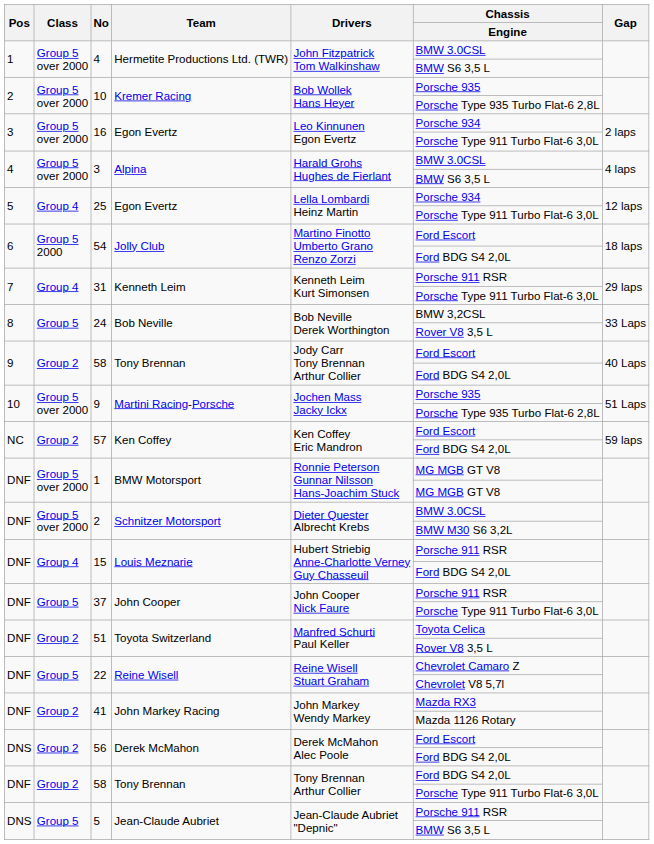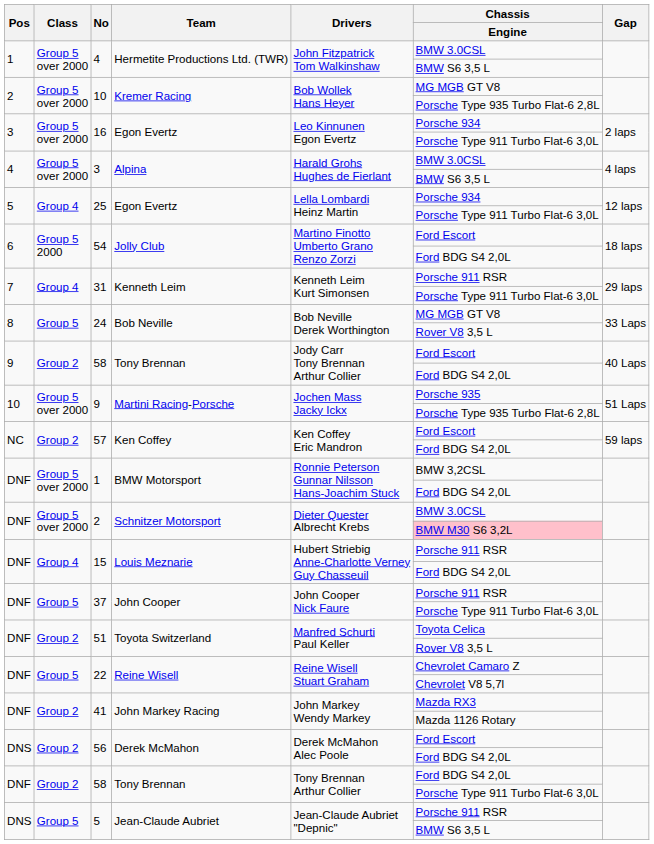 <table class="wikitable" style="font-size: 95%;">
 <tr>
 <th rowspan=2>Pos</th>
 <th rowspan=2>Class</th>
 <th rowspan=2>No</th>
 <th rowspan=2>Team</th>
 <th rowspan=2>Drivers</th>
 <th>Chassis</th>
 <th rowspan=2>Gap</th>
 </tr>
 <tr>
 <th>Engine</th>
 </tr>
 <tr>
 <td rowspan=2>1</td>
 <td rowspan=2><a href='#'>Group 5</a> <br> over 2000</td>
 <td rowspan=2>4</td>
 <td rowspan=2>Hermetite Productions Ltd. (TWR)</td>
 <td rowspan=2><a href='#'>John Fitzpatrick</a><br><a href='#'>Tom Walkinshaw</a></td>
 <td><a href='#'>BMW 3.0CSL</a></td>
 <td rowspan=2></td>
 </tr>
 <tr>
 <td><a href='#'>BMW</a> S6 3,5 L</td>
 </tr>
 <tr>
 <td rowspan=2>2</td>
 <td rowspan=2><a href='#'>Group 5</a> <br> over 2000</td>
 <td rowspan=2>10</td>
 <td rowspan=2><a href='#'>Kremer Racing</a></td>
 <td rowspan=2><a href='#'>Bob Wollek</a><br><a href='#'>Hans Heyer</a></td>
-<td><a href='#'>Porsche 935</a></td>
+<td><a href='#'>MG MGB</a> GT V8</td>
 <td rowspan=2></td>
 </tr>
 <tr>
 <td><a href='#'>Porsche</a> Type 935 Turbo Flat-6 2,8L</td>
 </tr>
 <tr>
 <td rowspan=2>3</td>
 <td rowspan=2><a href='#'>Group 5</a> <br> over 2000</td>
 <td rowspan=2>16</td>
 <td rowspan=2>Egon Evertz</td>
 <td rowspan=2><a href='#'>Leo Kinnunen</a><br>Egon Evertz</td>
 <td><a href='#'>Porsche 934</a></td>
 <td rowspan=2>2 laps</td>
 </tr>
 <tr>
 <td><a href='#'>Porsche</a> Type 911 Turbo Flat-6 3,0L</td>
 </tr>
 <tr>
 <td rowspan=2>4</td>
 <td rowspan=2><a href='#'>Group 5</a> <br> over 2000</td>
 <td rowspan=2>3</td>
 <td rowspan=2><a href='#'>Alpina</a></td>
 <td rowspan=2><a href='#'>Harald Grohs</a><br><a href='#'>Hughes de Fierlant</a></td>
 <td><a href='#'>BMW 3.0CSL</a></td>
 <td rowspan=2>4 laps</td>
 </tr>
 <tr>
 <td><a href='#'>BMW</a> S6 3,5 L</td>
 </tr>
 <tr>
 <td rowspan=2>5</td>
 <td rowspan=2><a href='#'>Group 4</a></td>
 <td rowspan=2>25</td>
 <td rowspan=2>Egon Evertz</td>
 <td rowspan=2><a href='#'>Lella Lombardi</a><br>Heinz Martin</td>
 <td><a href='#'>Porsche 934</a></td>
 <td rowspan=2>12 laps</td>
 </tr>
 <tr>
 <td><a href='#'>Porsche</a> Type 911 Turbo Flat-6 3,0L</td>
 </tr>
 <tr>
 <td rowspan=2>6</td>
 <td rowspan=2><a href='#'>Group 5</a> <br> 2000</td>
 <td rowspan=2>54</td>
 <td rowspan=2><a href='#'>Jolly Club</a></td>
 <td rowspan=2><a href='#'>Martino Finotto</a><br><a href='#'>Umberto Grano</a><br><a href='#'>Renzo Zorzi</a></td>
 <td><a href='#'>Ford Escort</a></td>
 <td rowspan=2>18 laps</td>
 </tr>
 <tr>
 <td><a href='#'>Ford</a> BDG S4 2,0L</td>
 </tr>
 <tr>
 <td rowspan=2>7</td>
 <td rowspan=2><a href='#'>Group 4</a></td>
 <td rowspan=2>31</td>
 <td rowspan=2>Kenneth Leim</td>
 <td rowspan=2>Kenneth Leim<br>Kurt Simonsen</td>
 <td><a href='#'>Porsche 911</a> RSR</td>
 <td rowspan=2>29 laps</td>
 </tr>
 <tr>
 <td><a href='#'>Porsche</a> Type 911 Turbo Flat-6 3,0L</td>
 </tr>
 <tr>
 <td rowspan=2>8</td>
 <td rowspan=2><a href='#'>Group 5</a></td>
 <td rowspan=2>24</td>
 <td rowspan=2>Bob Neville</td>
 <td rowspan=2>Bob Neville<br>Derek Worthington</td>
-<td>BMW 3,2CSL</td>
+<td><a href='#'>MG MGB</a> GT V8</td>
 <td rowspan=2>33 Laps</td>
 </tr>
 <tr>
 <td><a href='#'>Rover V8</a> 3,5 L</td>
 </tr>
 <tr>
 <td rowspan=2>9</td>
 <td rowspan=2><a href='#'>Group 2</a></td>
 <td rowspan=2>58</td>
 <td rowspan=2>Tony Brennan</td>
 <td rowspan=2>Jody Carr<br>Tony Brennan<br>Arthur Collier</td>
 <td><a href='#'>Ford Escort</a></td>
 <td rowspan=2>40 Laps</td>
 </tr>
 <tr>
 <td><a href='#'>Ford</a> BDG S4 2,0L</td>
 </tr>
 <tr>
 <td rowspan=2>10</td>
 <td rowspan=2><a href='#'>Group 5</a> <br> over 2000</td>
 <td rowspan=2>9</td>
 <td rowspan=2><a href='#'>Martini Racing</a>-<a href='#'>Porsche</a></td>
 <td rowspan=2><a href='#'>Jochen Mass</a><br><a href='#'>Jacky Ickx</a></td>
 <td><a href='#'>Porsche 935</a></td>
 <td rowspan=2>51 Laps</td>
 </tr>
 <tr>
 <td><a href='#'>Porsche</a> Type 935 Turbo Flat-6 2,8L</td>
 </tr>
 <tr>
 <td rowspan=2>NC</td>
 <td rowspan=2><a href='#'>Group 2</a></td>
 <td rowspan=2>57</td>
 <td rowspan=2>Ken Coffey</td>
 <td rowspan=2>Ken Coffey<br>Eric Mandron</td>
 <td><a href='#'>Ford Escort</a></td>
 <td rowspan=2>59 laps</td>
 </tr>
 <tr>
 <td><a href='#'>Ford</a> BDG S4 2,0L</td>
 </tr>
 <tr>
 <td rowspan=2>DNF</td>
 <td rowspan=2><a href='#'>Group 5</a> <br> over 2000</td>
 <td rowspan=2>1</td>
 <td rowspan=2>BMW Motorsport</td>
 <td rowspan=2><a href='#'>Ronnie Peterson</a><br><a href='#'>Gunnar Nilsson</a><br><a href='#'>Hans-Joachim Stuck</a></td>
-<td><a href='#'>MG MGB</a> GT V8</td>
+<td>BMW 3,2CSL</td>
 <td rowspan=2></td>
 </tr>
 <tr>
-<td><a href='#'>MG MGB</a> GT V8</td>
+<td><a href='#'>Ford</a> BDG S4 2,0L</td>
 </tr>
 <tr>
 <td rowspan=2>DNF</td>
 <td rowspan=2><a href='#'>Group 5</a> <br> over 2000</td>
 <td rowspan=2>2</td>
 <td rowspan=2><a href='#'>Schnitzer Motorsport</a></td>
 <td rowspan=2><a href='#'>Dieter Quester</a><br>Albrecht Krebs</td>
 <td><a href='#'>BMW 3.0CSL</a></td>
 <td rowspan=2></td>
 </tr>
 <tr>
-<td><a href='#'>BMW M30</a> S6  3,2L</td>
+<td style="background: pink;"><a href='#'>BMW M30</a> S6  3,2L</td>
 </tr>
 <tr>
 <td rowspan=2>DNF</td>
 <td rowspan=2><a href='#'>Group 4</a></td>
 <td rowspan=2>15</td>
 <td rowspan=2><a href='#'>Louis Meznarie</a></td>
 <td rowspan=2>Hubert Striebig<br><a href='#'>Anne-Charlotte Verney</a><br><a href='#'>Guy Chasseuil</a></td>
 <td><a href='#'>Porsche 911</a> RSR</td>
 <td rowspan=2></td>
 </tr>
 <tr>
 <td><a href='#'>Ford</a> BDG S4 2,0L</td>
 </tr>
 <tr>
 <td rowspan=2>DNF</td>
 <td rowspan=2><a href='#'>Group 5</a></td>
 <td rowspan=2>37</td>
 <td rowspan=2>John Cooper</td>
 <td rowspan=2>John Cooper<br><a href='#'>Nick Faure</a></td>
 <td><a href='#'>Porsche 911</a> RSR</td>
 <td rowspan=2></td>
 </tr>
 <tr>
 <td><a href='#'>Porsche</a> Type 911 Turbo Flat-6 3,0L</td>
 </tr>
 <tr>
 <td rowspan=2>DNF</td>
 <td rowspan=2><a href='#'>Group 2</a></td>
 <td rowspan=2>51</td>
 <td rowspan=2>Toyota Switzerland</td>
 <td rowspan=2><a href='#'>Manfred Schurti</a><br>Paul Keller</td>
 <td><a href='#'>Toyota Celica</a></td>
 <td rowspan=2></td>
 </tr>
 <tr>
 <td><a href='#'>Rover V8</a> 3,5 L</td>
 </tr>
 <tr>
 <td rowspan=2>DNF</td>
 <td rowspan=2><a href='#'>Group 5</a></td>
 <td rowspan=2>22</td>
 <td rowspan=2><a href='#'>Reine Wisell</a></td>
 <td rowspan=2><a href='#'>Reine Wisell</a><br><a href='#'>Stuart Graham</a></td>
 <td><a href='#'>Chevrolet Camaro</a> Z</td>
 <td rowspan=2></td>
 </tr>
 <tr>
 <td><a href='#'>Chevrolet</a> V8 5,7l</td>
 </tr>
 <tr>
 <td rowspan=2>DNF</td>
 <td rowspan=2><a href='#'>Group 2</a></td>
 <td rowspan=2>41</td>
 <td rowspan=2>John Markey Racing</td>
 <td rowspan=2>John Markey<br>Wendy Markey</td>
 <td><a href='#'>Mazda RX3</a></td>
 <td rowspan=2></td>
 </tr>
 <tr>
 <td>Mazda 1126 Rotary</td>
 </tr>
 <tr>
 <td rowspan=2>DNS</td>
 <td rowspan=2><a href='#'>Group 2</a></td>
 <td rowspan=2>56</td>
 <td rowspan=2>Derek McMahon</td>
 <td rowspan=2>Derek McMahon<br>Alec Poole</td>
 <td><a href='#'>Ford Escort</a></td>
 <td rowspan=2></td>
 </tr>
 <tr>
 <td><a href='#'>Ford</a> BDG S4 2,0L</td>
 </tr>
 <tr>
 <td rowspan=2>DNF</td>
 <td rowspan=2><a href='#'>Group 2</a></td>
 <td rowspan=2>58</td>
 <td rowspan=2>Tony Brennan</td>
 <td rowspan=2>Tony Brennan<br>Arthur Collier</td>
 <td><a href='#'>Ford</a> BDG S4 2,0L</td>
 <td rowspan=2></td>
 </tr>
 <tr>
 <td><a href='#'>Porsche</a> Type 911 Turbo Flat-6 3,0L</td>
 </tr>
 <tr>
 <td rowspan=2>DNS</td>
 <td rowspan=2><a href='#'>Group 5</a></td>
 <td rowspan=2>5</td>
 <td rowspan=2>Jean-Claude Aubriet</td>
 <td rowspan=2>Jean-Claude Aubriet<br>"Depnic"</td>
 <td><a href='#'>Porsche 911</a> RSR</td>
 <td rowspan=2></td>
 </tr>
 <tr>
 <td><a href='#'>BMW</a> S6 3,5 L</td>
 </tr>
 </table>
